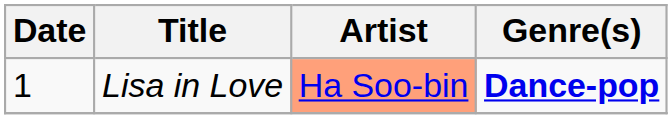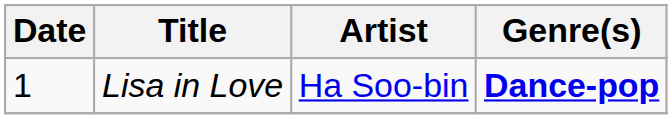 <table class="wikitable" style="text-align: left;">
 <tr>
 <th>Date</th>
 <th>Title</th>
 <th>Artist</th>
 <th>Genre(s)</th>
 </tr>
 <tr>
 <td>1</td>
 <td><em>Lisa in Love</em></td>
-<td style="background: lightsalmon;"><a href='#'>Ha Soo-bin</a></td>
+<td><a href='#'>Ha Soo-bin</a></td>
 <td><strong><a href='#'>Dance-pop</a></strong></td>
 </tr>
 <tr>
 </tr>
 </table>
